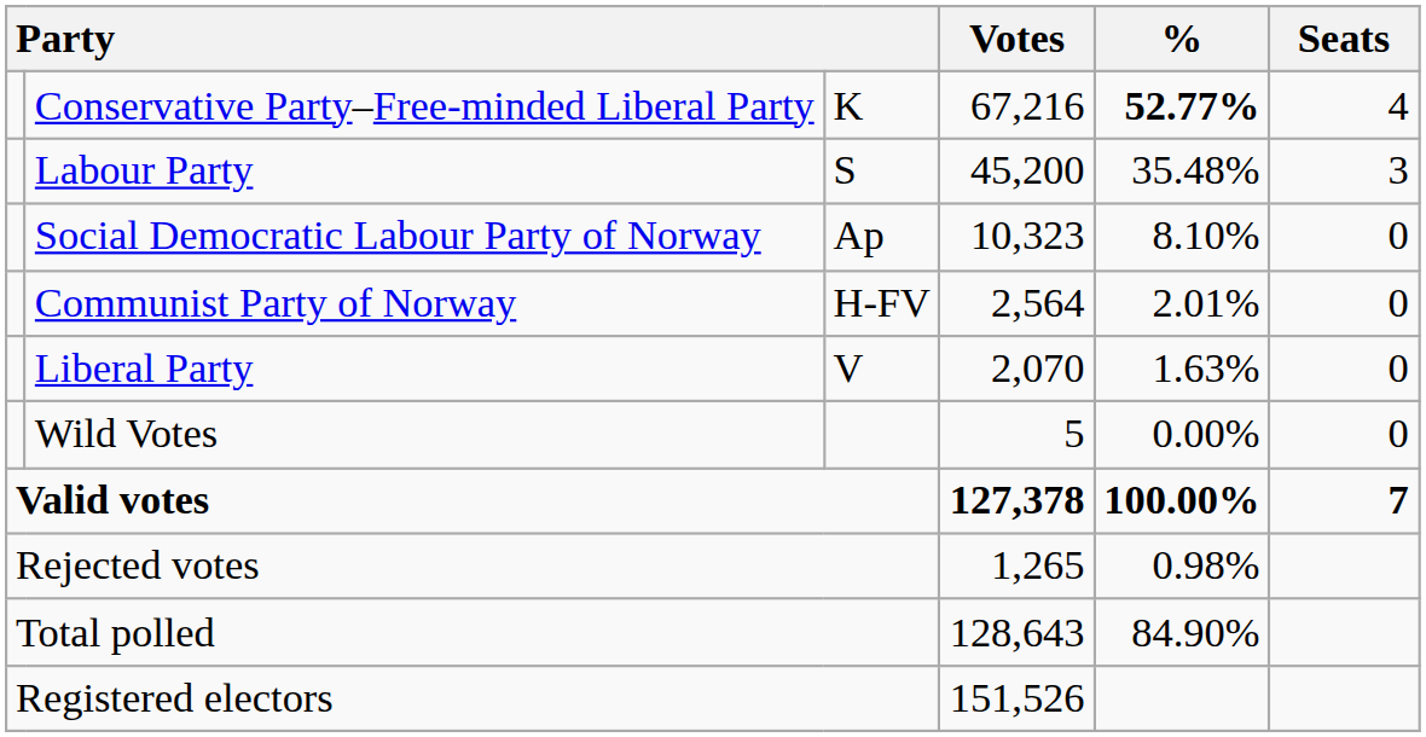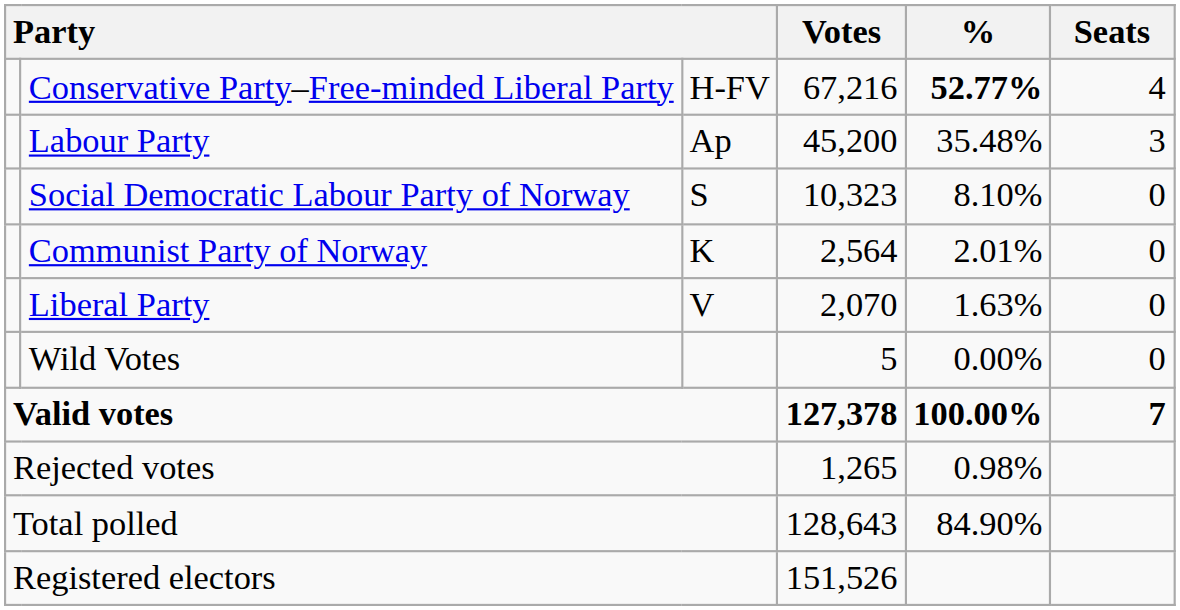 <table class="wikitable" border="1" style="text-align:right;">
 <tr>
 <th style="text-align:left;" colspan=3>Party</th>
 <th align=center width="50">Votes</th>
 <th align=center width="50">%</th>
 <th align=center width="50">Seats</th>
 </tr>
 <tr>
 <td></td>
 <td align=left><a href='#'>Conservative Party</a>–<a href='#'>Free-minded Liberal Party</a></td>
-<td align=left>K</td>
+<td align=left>H-FV</td>
 <td>67,216</td>
 <td><strong>52.77%</strong></td>
 <td>4</td>
 </tr>
 <tr>
 <td style="color:inherit;background:"></td>
 <td align=left><a href='#'>Labour Party</a></td>
-<td align=left>S</td>
+<td align=left>Ap</td>
 <td>45,200</td>
 <td>35.48%</td>
 <td>3</td>
 </tr>
 <tr>
 <td style="color:inherit;background:"></td>
 <td align=left><a href='#'>Social Democratic Labour Party of Norway</a></td>
-<td align=left>Ap</td>
+<td align=left>S</td>
 <td>10,323</td>
 <td>8.10%</td>
 <td>0</td>
 </tr>
 <tr>
 <td style="color:inherit;background:"></td>
 <td align=left><a href='#'>Communist Party of Norway</a></td>
-<td align=left>H-FV</td>
+<td align=left>K</td>
 <td>2,564</td>
 <td>2.01%</td>
 <td>0</td>
 </tr>
 <tr>
 <td style="color:inherit;background:"></td>
 <td align=left><a href='#'>Liberal Party</a></td>
 <td align=left>V</td>
 <td>2,070</td>
 <td>1.63%</td>
 <td>0</td>
 </tr>
 <tr>
 <td></td>
 <td align=left>Wild Votes</td>
 <td align=left></td>
 <td>5</td>
 <td>0.00%</td>
 <td>0</td>
 </tr>
 <tr style="font-weight:bold">
 <td align=left colspan=3>Valid votes</td>
 <td>127,378</td>
 <td>100.00%</td>
 <td>7</td>
 </tr>
 <tr>
 <td align=left colspan=3>Rejected votes</td>
 <td>1,265</td>
 <td>0.98%</td>
 <td></td>
 </tr>
 <tr>
 <td align=left colspan=3>Total polled</td>
 <td>128,643</td>
 <td>84.90%</td>
 <td></td>
 </tr>
 <tr>
 <td align=left colspan=3>Registered electors</td>
 <td>151,526</td>
 <td></td>
 <td></td>
 </tr>
 </table>
